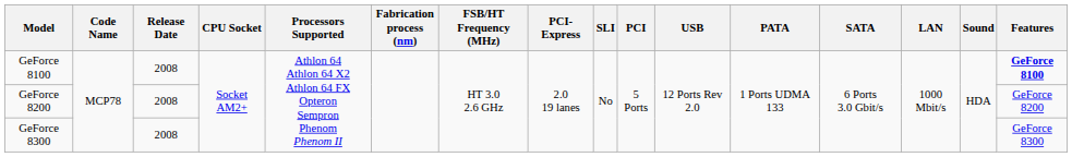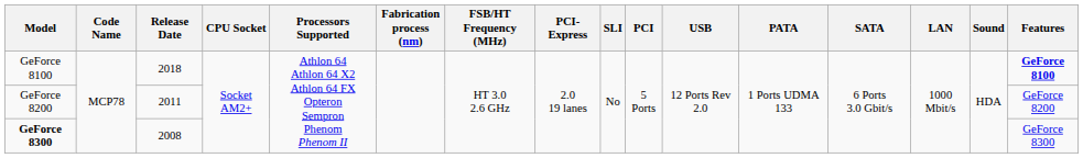 <table class="wikitable" style="font-size: 85%; text-align: center; width: auto;">
 <tr>
 <th>Model</th>
 <th>Code Name</th>
 <th>Release Date</th>
 <th>CPU Socket</th>
 <th>Processors Supported</th>
 <th>Fabrication<br>process (<a href='#'>nm</a>)</th>
 <th>FSB/HT<br>Frequency (MHz)</th>
 <th>PCI-Express</th>
 <th>SLI</th>
 <th>PCI</th>
 <th>USB</th>
 <th>PATA</th>
 <th>SATA</th>
 <th>LAN</th>
 <th>Sound</th>
 <th>Features</th>
 </tr>
 <tr>
 <td>GeForce 8100</td>
 <td rowspan=3>MCP78</td>
-<td>2008</td>
+<td>2018</td>
 <td rowspan=3><a href='#'>Socket AM2+</a></td>
 <td rowspan=3><a href='#'>Athlon 64</a><br> <a href='#'>Athlon 64 X2</a><br> <a href='#'>Athlon 64 FX</a><br> <a href='#'>Opteron</a><br><a href='#'>Sempron</a><br> <a href='#'>Phenom</a><br><em><a href='#'>Phenom II</a></em></td>
 <td rowspan=3></td>
 <td rowspan=3>HT 3.0<br>2.6 GHz</td>
 <td rowspan=3>2.0<br>19 lanes</td>
 <td rowspan=3>No</td>
 <td rowspan=3>5 Ports</td>
 <td rowspan=3>12 Ports Rev 2.0</td>
 <td rowspan=3>1 Ports UDMA 133</td>
 <td rowspan=3>6 Ports 3.0 Gbit/s</td>
 <td rowspan=3>1000 Mbit/s</td>
 <td rowspan=3>HDA</td>
 <td><strong><a href='#'>GeForce 8100</a></strong></td>
 </tr>
 <tr>
 <td>GeForce 8200</td>
-<td>2008</td>
+<td>2011</td>
 <td><a href='#'>GeForce 8200</a></td>
 </tr>
 <tr>
-<td>GeForce 8300</td>
+<td><strong>GeForce 8300</strong></td>
 <td>2008</td>
 <td><a href='#'>GeForce 8300</a></td>
 </tr>
 </table>
